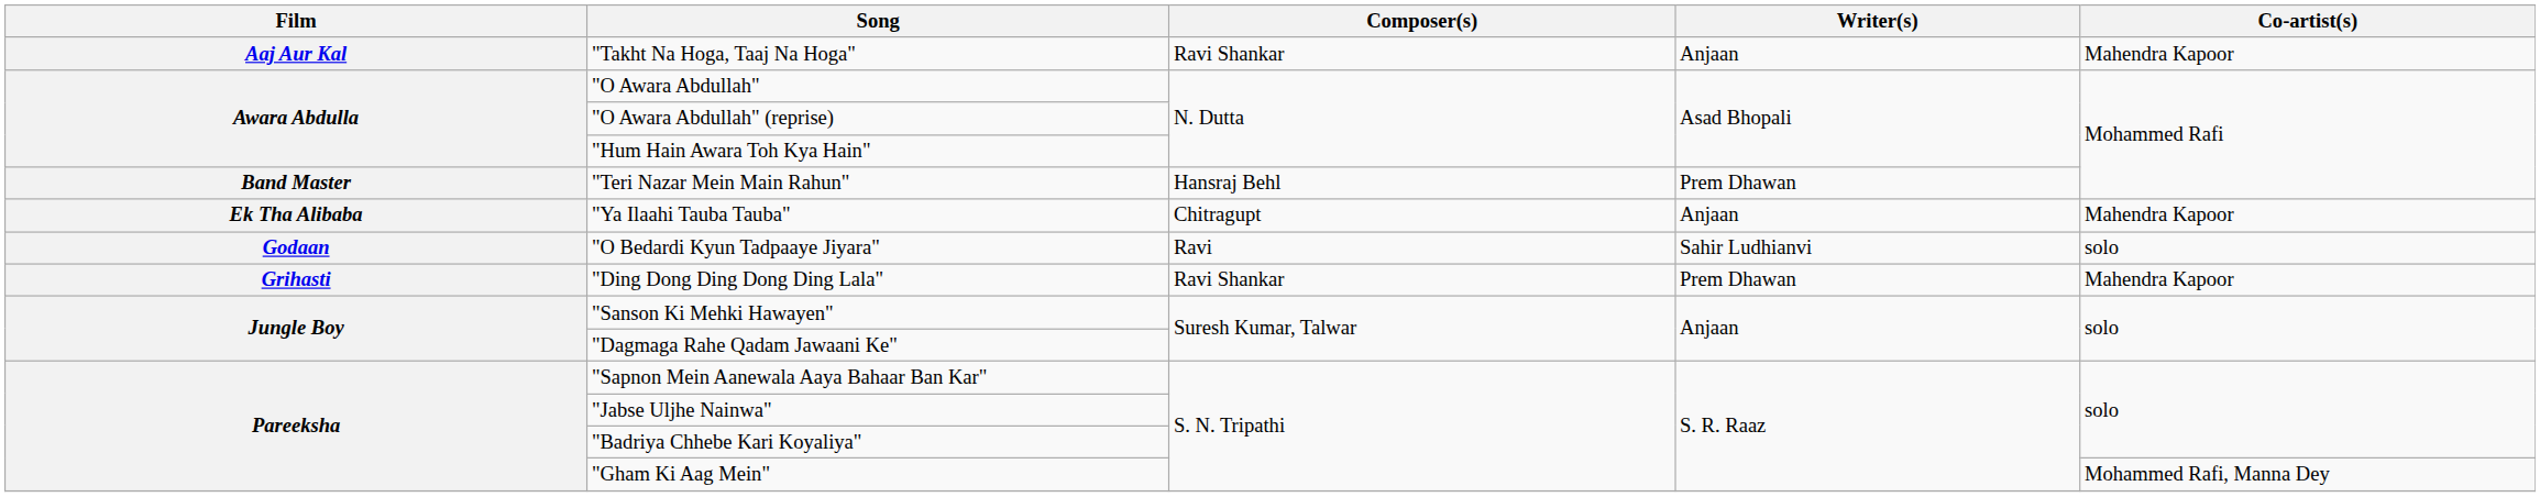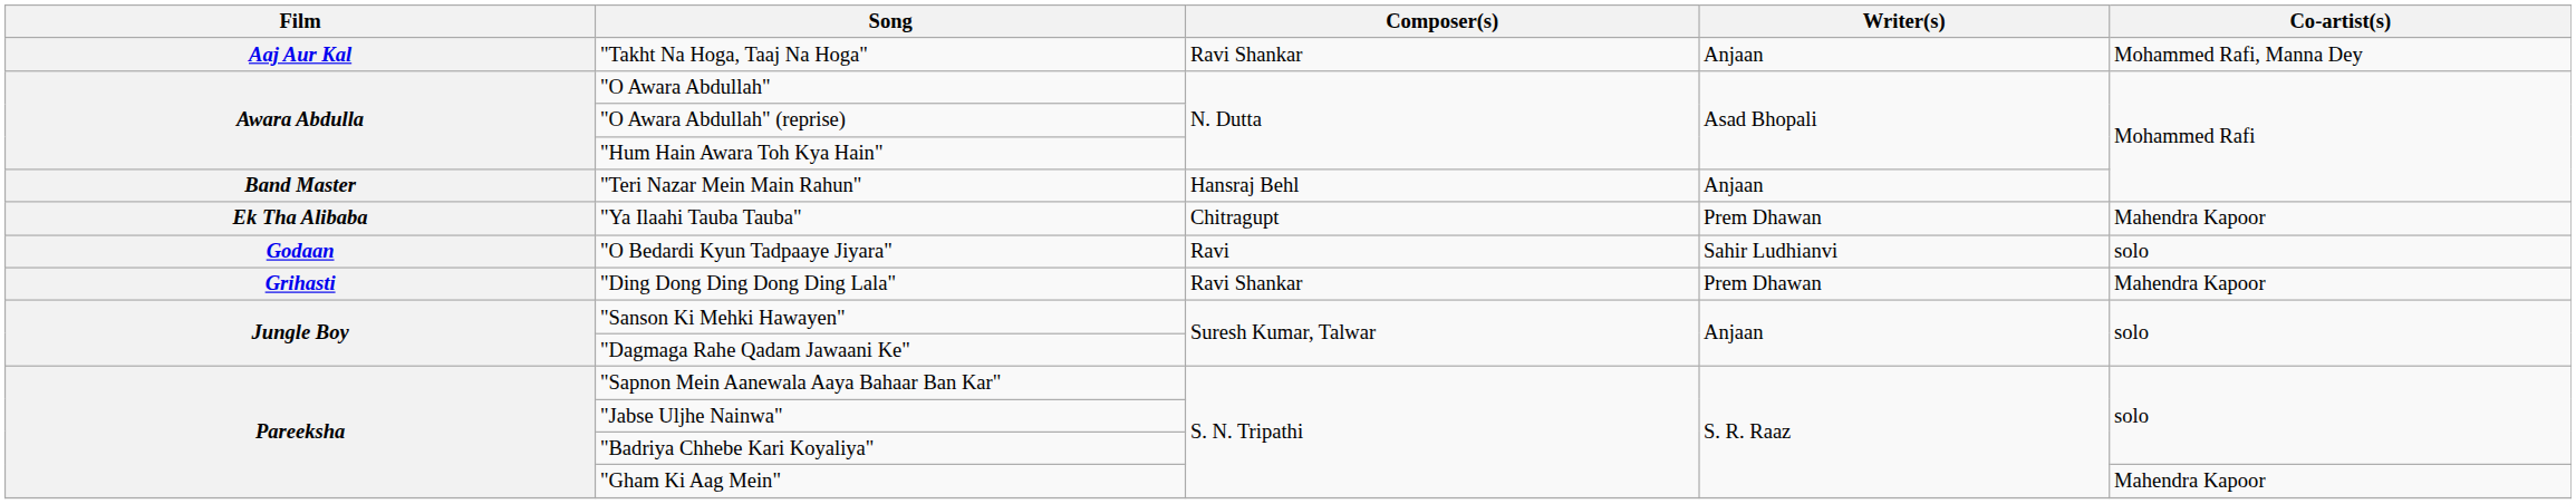 <table class="wikitable plainrowheaders" width="100%" textcolor:#000;">
 <tr style="background:#b0e0e66;">
 <th scope="col" width=23%><strong>Film</strong></th>
 <th scope="col" width=23%><strong>Song</strong></th>
 <th scope="col" width=20%><strong>Composer(s)</strong></th>
 <th scope="col" width=16%><strong>Writer(s)</strong></th>
 <th scope="col" width=18%><strong>Co-artist(s)</strong></th>
 </tr>
 <tr>
 <th><em><a href='#'>Aaj Aur Kal</a></em></th>
 <td>"Takht Na Hoga, Taaj Na Hoga"</td>
 <td>Ravi Shankar</td>
 <td>Anjaan</td>
-<td>Mahendra Kapoor</td>
+<td>Mohammed Rafi, Manna Dey</td>
 </tr>
 <tr>
 <th rowspan=3><em>Awara Abdulla</em></th>
 <td>"O Awara Abdullah"</td>
 <td rowspan=3>N. Dutta</td>
 <td rowspan=3>Asad Bhopali</td>
 <td rowspan=4>Mohammed Rafi</td>
 </tr>
 <tr>
 <td>"O Awara Abdullah" (reprise)</td>
 </tr>
 <tr>
 <td>"Hum Hain Awara Toh Kya Hain"</td>
 </tr>
 <tr>
 <th><em>Band Master</em></th>
 <td>"Teri Nazar Mein Main Rahun"</td>
 <td>Hansraj Behl</td>
-<td>Prem Dhawan</td>
+<td>Anjaan</td>
 </tr>
 <tr>
 <th Rowspan=1><em>Ek Tha Alibaba</em></th>
 <td>"Ya Ilaahi Tauba Tauba"</td>
 <td>Chitragupt</td>
-<td>Anjaan</td>
+<td>Prem Dhawan</td>
 <td>Mahendra Kapoor</td>
 </tr>
 <tr>
 <th><em><a href='#'>Godaan</a></em></th>
 <td>"O Bedardi Kyun Tadpaaye Jiyara"</td>
 <td>Ravi</td>
 <td>Sahir Ludhianvi</td>
 <td>solo</td>
 </tr>
 <tr>
 <th><em><a href='#'>Grihasti</a></em></th>
 <td>"Ding Dong Ding Dong Ding Lala"</td>
 <td>Ravi Shankar</td>
 <td>Prem Dhawan</td>
 <td>Mahendra Kapoor</td>
 </tr>
 <tr>
 <th Rowspan=2><em>Jungle Boy</em></th>
 <td>"Sanson Ki Mehki Hawayen"</td>
 <td rowspan=2>Suresh Kumar, Talwar</td>
 <td rowspan=2>Anjaan</td>
 <td rowspan=2>solo</td>
 </tr>
 <tr>
 <td>"Dagmaga Rahe Qadam Jawaani Ke"</td>
 </tr>
 <tr>
 <th rowspan=4><em>Pareeksha</em></th>
 <td>"Sapnon Mein Aanewala Aaya Bahaar Ban Kar"</td>
 <td rowspan=4>S. N. Tripathi</td>
 <td rowspan=4>S. R. Raaz</td>
 <td rowspan=3>solo</td>
 </tr>
 <tr>
 <td>"Jabse Uljhe Nainwa"</td>
 </tr>
 <tr>
 <td>"Badriya Chhebe Kari Koyaliya"</td>
 </tr>
 <tr>
 <td>"Gham Ki Aag Mein"</td>
-<td>Mohammed Rafi, Manna Dey</td>
+<td>Mahendra Kapoor</td>
 </tr>
 <tr>
 </tr>
 </table>
